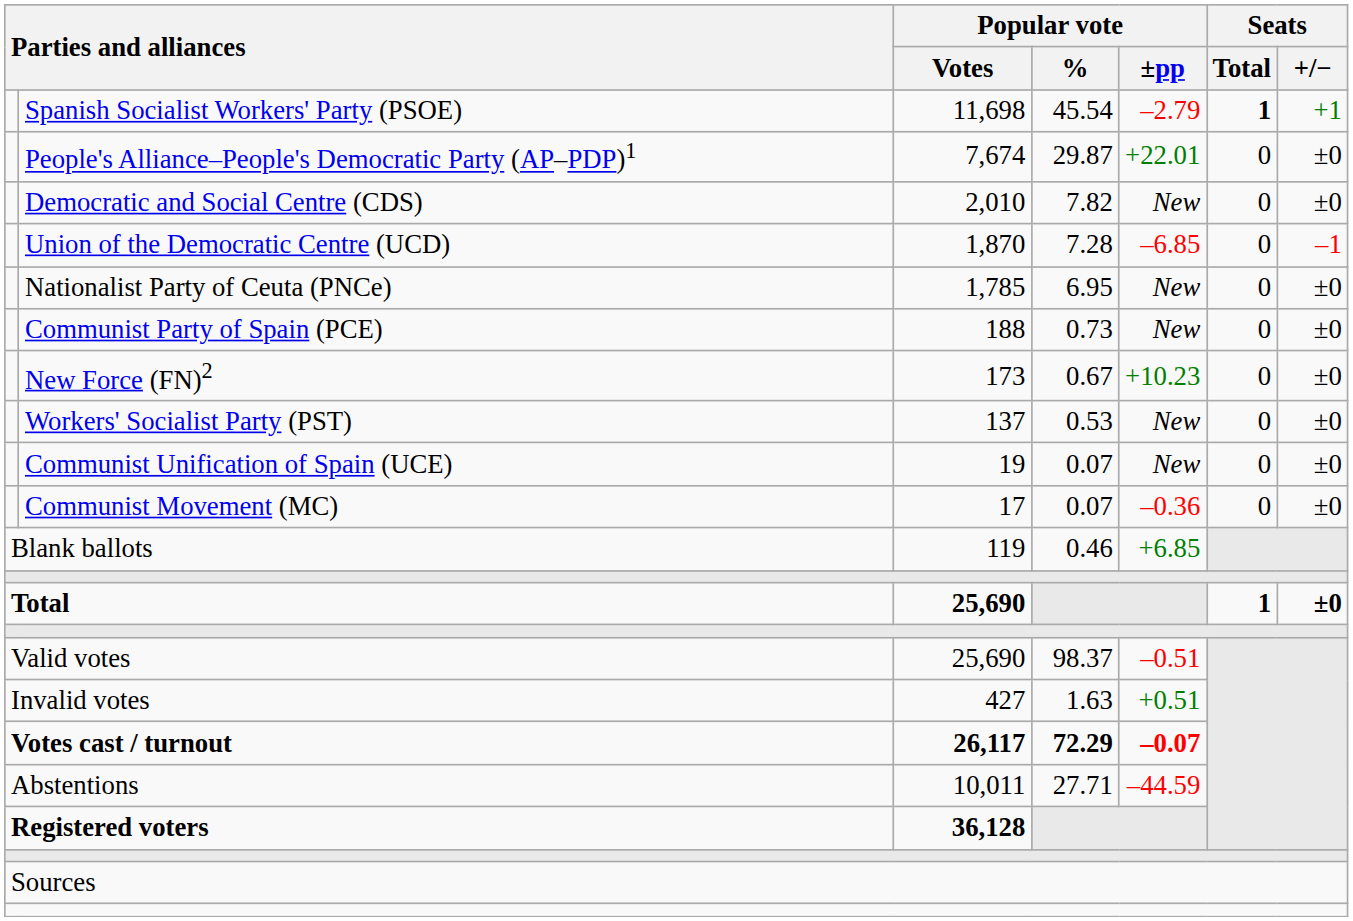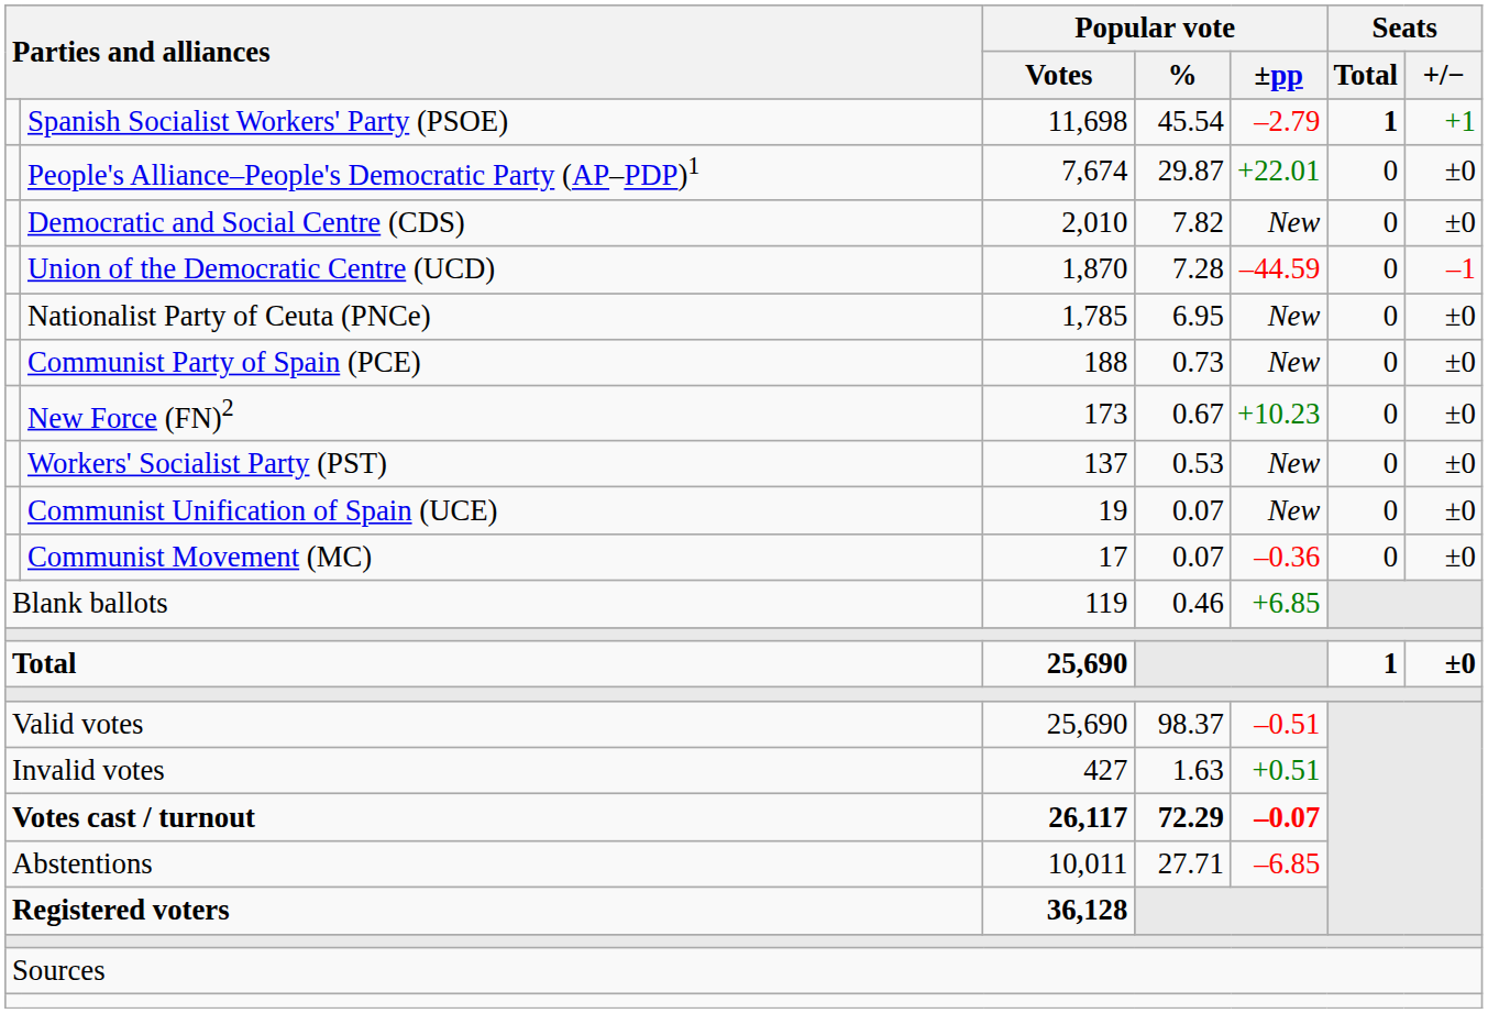 <table class="wikitable" style="text-align:right;">
 <tr>
 <th style="text-align:left;" rowspan="2" colspan="2" width="525">Parties and alliances</th>
 <th colspan="3">Popular vote</th>
 <th colspan="2">Seats</th>
 </tr>
 <tr>
 <th width="75">Votes</th>
 <th width="45">%</th>
 <th width="45">±<a href='#'>pp</a></th>
 <th width="35">Total</th>
 <th width="35">+/−</th>
 </tr>
 <tr>
 <td width="1" style="color:inherit;background:"></td>
 <td align="left"><a href='#'>Spanish Socialist Workers' Party</a> (PSOE)</td>
 <td>11,698</td>
 <td>45.54</td>
 <td style="color:red;">–2.79</td>
 <td><strong>1</strong></td>
 <td style="color:green;">+1</td>
 </tr>
 <tr>
 <td style="color:inherit;background:"></td>
 <td align="left"><a href='#'>People's Alliance–People's Democratic Party</a> (<a href='#'>AP</a>–<a href='#'>PDP</a>)<sup>1</sup></td>
 <td>7,674</td>
 <td>29.87</td>
 <td style="color:green;">+22.01</td>
 <td>0</td>
 <td>±0</td>
 </tr>
 <tr>
 <td style="color:inherit;background:"></td>
 <td align="left"><a href='#'>Democratic and Social Centre</a> (CDS)</td>
 <td>2,010</td>
 <td>7.82</td>
 <td><em>New</em></td>
 <td>0</td>
 <td>±0</td>
 </tr>
 <tr>
 <td style="color:inherit;background:"></td>
 <td align="left"><a href='#'>Union of the Democratic Centre</a> (UCD)</td>
 <td>1,870</td>
 <td>7.28</td>
-<td style="color:red;">–6.85</td>
+<td style="color:red;">–44.59</td>
 <td>0</td>
 <td style="color:red;">–1</td>
 </tr>
 <tr>
 <td style="color:inherit;background:"></td>
 <td align="left">Nationalist Party of Ceuta (PNCe)</td>
 <td>1,785</td>
 <td>6.95</td>
 <td><em>New</em></td>
 <td>0</td>
 <td>±0</td>
 </tr>
 <tr>
 <td style="color:inherit;background:"></td>
 <td align="left"><a href='#'>Communist Party of Spain</a> (PCE)</td>
 <td>188</td>
 <td>0.73</td>
 <td><em>New</em></td>
 <td>0</td>
 <td>±0</td>
 </tr>
 <tr>
 <td style="color:inherit;background:"></td>
 <td align="left"><a href='#'>New Force</a> (FN)<sup>2</sup></td>
 <td>173</td>
 <td>0.67</td>
 <td style="color:green;">+10.23</td>
 <td>0</td>
 <td>±0</td>
 </tr>
 <tr>
 <td style="color:inherit;background:"></td>
 <td align="left"><a href='#'>Workers' Socialist Party</a> (PST)</td>
 <td>137</td>
 <td>0.53</td>
 <td><em>New</em></td>
 <td>0</td>
 <td>±0</td>
 </tr>
 <tr>
 <td style="color:inherit;background:"></td>
 <td align="left"><a href='#'>Communist Unification of Spain</a> (UCE)</td>
 <td>19</td>
 <td>0.07</td>
 <td><em>New</em></td>
 <td>0</td>
 <td>±0</td>
 </tr>
 <tr>
 <td style="color:inherit;background:"></td>
 <td align="left"><a href='#'>Communist Movement</a> (MC)</td>
 <td>17</td>
 <td>0.07</td>
 <td style="color:red;">–0.36</td>
 <td>0</td>
 <td>±0</td>
 </tr>
 <tr>
 <td align="left" colspan="2">Blank ballots</td>
 <td>119</td>
 <td>0.46</td>
 <td style="color:green;">+6.85</td>
 <td bgcolor="#E9E9E9" colspan="2"></td>
 </tr>
 <tr>
 <td colspan="7" bgcolor="#E9E9E9"></td>
 </tr>
 <tr style="font-weight:bold;">
 <td align="left" colspan="2">Total</td>
 <td>25,690</td>
 <td bgcolor="#E9E9E9" colspan="2"></td>
 <td>1</td>
 <td>±0</td>
 </tr>
 <tr>
 <td colspan="7" bgcolor="#E9E9E9"></td>
 </tr>
 <tr>
 <td align="left" colspan="2">Valid votes</td>
 <td>25,690</td>
 <td>98.37</td>
 <td style="color:red;">–0.51</td>
 <td bgcolor="#E9E9E9" colspan="2" rowspan="5"></td>
 </tr>
 <tr>
 <td align="left" colspan="2">Invalid votes</td>
 <td>427</td>
 <td>1.63</td>
 <td style="color:green;">+0.51</td>
 </tr>
 <tr style="font-weight:bold;">
 <td align="left" colspan="2">Votes cast / turnout</td>
 <td>26,117</td>
 <td>72.29</td>
 <td style="color:red;">–0.07</td>
 </tr>
 <tr>
 <td align="left" colspan="2">Abstentions</td>
 <td>10,011</td>
 <td>27.71</td>
-<td style="color:red;">–44.59</td>
+<td style="color:red;">–6.85</td>
 </tr>
 <tr style="font-weight:bold;">
 <td align="left" colspan="2">Registered voters</td>
 <td>36,128</td>
 <td bgcolor="#E9E9E9" colspan="2"></td>
 </tr>
 <tr>
 <td colspan="7" bgcolor="#E9E9E9"></td>
 </tr>
 <tr>
 <td align="left" colspan="7">Sources</td>
 </tr>
 <tr>
 <td colspan="7" style="text-align:left; max-width:790px;"></td>
 </tr>
 </table>
